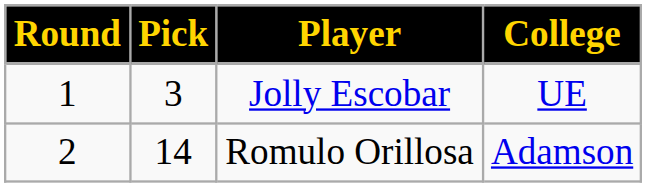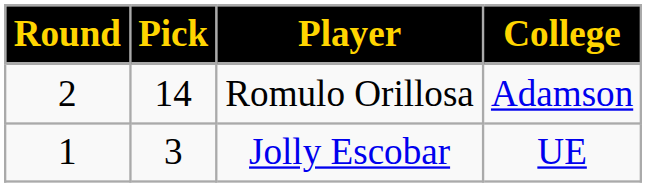 <table class="wikitable sortable sortable">
 <tr>
 <th style="background:#000000; color:#FFD500; ">Round</th>
 <th style="background:#000000; color:#FFD500; ">Pick</th>
 <th style="background:#000000; color:#FFD500; ">Player</th>
 <th style="background:#000000; color:#FFD500; ">College</th>
 </tr>
 <tr style="text-align: center">
+<td>2</td>
+<td>14</td>
+<td>Romulo Orillosa</td>
+<td><a href='#'>Adamson</a></td>
+</tr>
+<tr style="text-align: center">
 <td>1</td>
 <td>3</td>
 <td><a href='#'>Jolly Escobar</a></td>
 <td><a href='#'>UE</a></td>
 </tr>
-<tr style="text-align: center">
-<td>2</td>
-<td>14</td>
-<td>Romulo Orillosa</td>
-<td><a href='#'>Adamson</a></td>
-</tr>
 </table>
